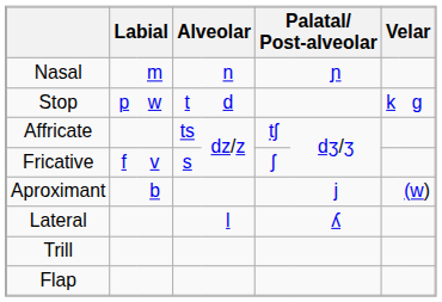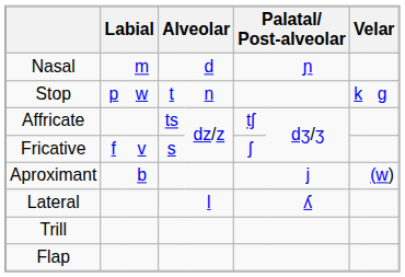 <table class="wikitable" style="text-align: center; display:inline-grid">
 <tr>
 <th></th>
 <th colspan="2">Labial</th>
 <th colspan="2">Alveolar</th>
 <th colspan="2">Palatal/<br>Post-alveolar</th>
 <th colspan="2">Velar</th>
 </tr>
 <tr>
 <td>Nasal</td>
 <td style="border-right:0;"></td>
 <td style="border-left:0;"><a href='#'>m</a></td>
 <td style="border-right:0;"></td>
-<td style="border-left:0;"><a href='#'>n</a></td>
+<td style="border-left:0;"><a href='#'>d</a></td>
 <td style="border-right:0;"></td>
 <td style="border-left:0;"><a href='#'>ɲ</a></td>
 <td colspan="2"></td>
 </tr>
 <tr>
 <td>Stop</td>
 <td style="border-right:0;"><a href='#'>p</a></td>
 <td style="border-left:0;"><a href='#'>w</a></td>
 <td style="border-right:0;"><a href='#'>t</a></td>
-<td style="border-left:0;"><a href='#'>d</a></td>
+<td style="border-left:0;"><a href='#'>n</a></td>
 <td colspan="2"></td>
 <td style="border-right:0;"><a href='#'>k</a></td>
 <td style="border-left:0;"><a href='#'>ɡ</a></td>
 </tr>
 <tr>
 <td>Affricate</td>
 <td colspan="2"></td>
 <td style="border-right:0;"><a href='#'>ts</a></td>
 <td rowspan="2" style="border-left:0;"><a href='#'>dz</a>/<a href='#'>z</a></td>
 <td style="border-right:0;"><a href='#'>tʃ</a></td>
 <td rowspan="2" style="border-left:0;"><a href='#'>dʒ</a>/<a href='#'>ʒ</a></td>
 <td colspan="2"></td>
 </tr>
 <tr>
 <td>Fricative</td>
 <td style="border-right:0;"><a href='#'>f</a></td>
 <td style="border-left:0;"><a href='#'>v</a></td>
 <td style="border-right:0;"><a href='#'>s</a></td>
 <td style="border-right:0;"><a href='#'>ʃ</a></td>
 <td colspan="2"></td>
 </tr>
 <tr>
 <td>Aproximant</td>
 <td style="border-right:0;"></td>
 <td style="border-left:0;"><a href='#'>b</a></td>
 <td colspan="2"></td>
 <td style="border-right:0;"></td>
 <td style="border-left:0;"><a href='#'>j</a></td>
 <td style="border-right:0;"></td>
 <td style="border-left:0;"><a href='#'>(w</a>)</td>
 </tr>
 <tr>
 <td>Lateral</td>
 <td colspan="2"></td>
 <td style="border-right:0;"></td>
 <td style="border-left:0;"><a href='#'>l</a></td>
 <td style="border-right:0;"></td>
 <td style="border-left:0;"><a href='#'>ʎ</a></td>
 <td colspan="2"></td>
 </tr>
 <tr>
 <td>Trill</td>
 <td colspan="2"></td>
 <td style="border-right:0;"></td>
 <td style="border-left:0;"></td>
 <td colspan="2"></td>
 <td colspan="2"></td>
 </tr>
 <tr>
 <td>Flap</td>
 <td colspan="2"></td>
 <td style="border-right:0;"></td>
 <td style="border-left:0;"></td>
 <td colspan="2"></td>
 <td colspan="2"></td>
 </tr>
 </table>
